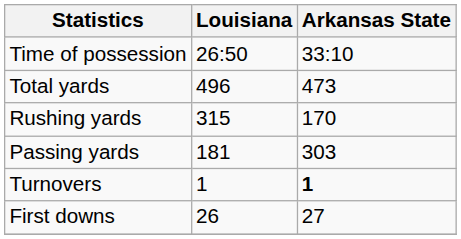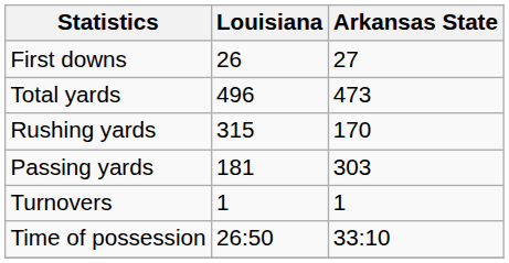 <table class="wikitable">
 <tr>
 <th>Statistics</th>
 <th>Louisiana</th>
 <th>Arkansas State</th>
 </tr>
 <tr>
-<td>Time of possession</td>
-<td>26:50</td>
-<td>33:10</td>
+<td>First downs</td>
+<td>26</td>
+<td>27</td>
 </tr>
 <tr>
 <td>Total yards</td>
 <td>496</td>
 <td>473</td>
 </tr>
 <tr>
 <td>Rushing yards</td>
 <td>315</td>
 <td>170</td>
 </tr>
 <tr>
 <td>Passing yards</td>
 <td>181</td>
 <td>303</td>
 </tr>
 <tr>
 <td>Turnovers</td>
 <td>1</td>
-<td><strong>1</strong></td>
+<td>1</td>
 </tr>
 <tr>
-<td>First downs</td>
-<td>26</td>
-<td>27</td>
+<td>Time of possession</td>
+<td>26:50</td>
+<td>33:10</td>
 </tr>
 <tr>
 </tr>
 </table>
